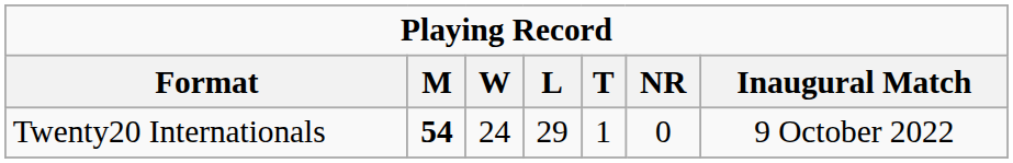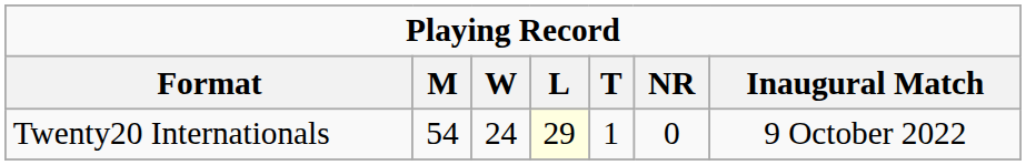 <table class="wikitable" style="text-align: center; width: 500px;">
 <tr>
 <td colspan=7 align="center"><strong>Playing Record</strong></td>
 </tr>
 <tr>
 <th>Format</th>
 <th>M</th>
 <th>W</th>
 <th>L</th>
 <th>T</th>
 <th>NR</th>
 <th>Inaugural Match</th>
 </tr>
 <tr>
 <td align="left">Twenty20 Internationals</td>
-<td><strong>54</strong></td>
+<td>54</td>
 <td>24</td>
-<td>29</td>
+<td style="background: lightyellow;">29</td>
 <td>1</td>
 <td>0</td>
 <td>9 October 2022</td>
 </tr>
 </table>
